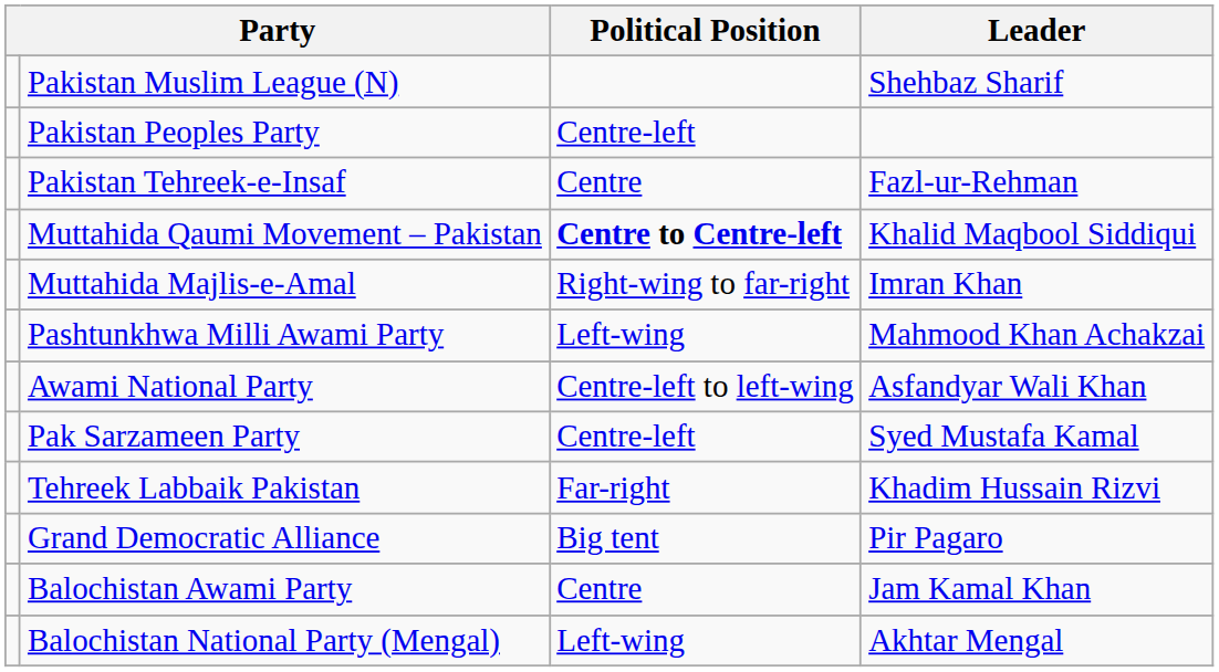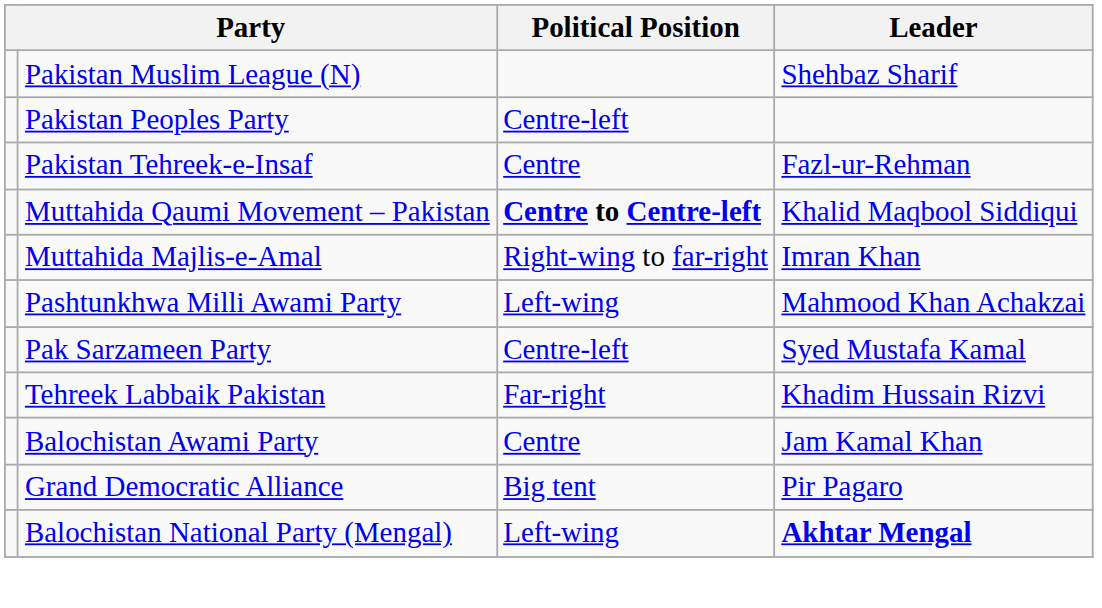 <table class=wikitable style=text-align:left>
 <tr>
 <th colspan=2>Party</th>
 <th>Political Position</th>
 <th>Leader</th>
 </tr>
 <tr>
 <td style="color:inherit;background:"></td>
 <td><a href='#'>Pakistan Muslim League (N)</a></td>
 <td></td>
 <td><a href='#'>Shehbaz Sharif</a></td>
 </tr>
 <tr>
 <td style="color:inherit;background:"></td>
 <td><a href='#'>Pakistan Peoples Party</a></td>
 <td><a href='#'>Centre-left</a></td>
 <td></td>
 </tr>
 <tr>
 <td style="color:inherit;background:"></td>
 <td><a href='#'>Pakistan Tehreek-e-Insaf</a></td>
 <td><a href='#'>Centre</a></td>
 <td><a href='#'>Fazl-ur-Rehman</a></td>
 </tr>
 <tr>
 <td style="color:inherit;background:"></td>
 <td><a href='#'>Muttahida Qaumi Movement – Pakistan</a></td>
 <td><strong><a href='#'>Centre</a> to <a href='#'>Centre-left</a></strong></td>
 <td><a href='#'>Khalid Maqbool Siddiqui</a></td>
 </tr>
 <tr>
 <td style="color:inherit;background:"></td>
 <td><a href='#'>Muttahida Majlis-e-Amal</a></td>
 <td><a href='#'>Right-wing</a> to <a href='#'>far-right</a></td>
 <td><a href='#'>Imran Khan</a></td>
 </tr>
 <tr>
 <td style="color:inherit;background:"></td>
 <td><a href='#'>Pashtunkhwa Milli Awami Party</a></td>
 <td><a href='#'>Left-wing</a></td>
 <td><a href='#'>Mahmood Khan Achakzai</a></td>
 </tr>
 <tr>
 <td style="color:inherit;background:"></td>
-<td><a href='#'>Awami National Party</a></td>
-<td><a href='#'>Centre-left</a> to <a href='#'>left-wing</a></td>
-<td><a href='#'>Asfandyar Wali Khan</a></td>
-</tr>
-<tr>
-<td style="color:inherit;background:"></td>
 <td><a href='#'>Pak Sarzameen Party</a></td>
 <td><a href='#'>Centre-left</a></td>
 <td><a href='#'>Syed Mustafa Kamal</a></td>
 </tr>
 <tr>
 <td style="color:inherit;background:"></td>
 <td><a href='#'>Tehreek Labbaik Pakistan</a></td>
 <td><a href='#'>Far-right</a></td>
 <td><a href='#'>Khadim Hussain Rizvi</a></td>
 </tr>
 <tr>
 <td style="color:inherit;background:"></td>
+<td><a href='#'>Balochistan Awami Party</a></td>
+<td><a href='#'>Centre</a></td>
+<td><a href='#'>Jam Kamal Khan</a></td>
+</tr>
+<tr>
+<td style="color:inherit;background:"></td>
 <td><a href='#'>Grand Democratic Alliance</a></td>
 <td><a href='#'>Big tent</a></td>
 <td><a href='#'>Pir Pagaro</a></td>
 </tr>
 <tr>
 <td style="color:inherit;background:"></td>
-<td><a href='#'>Balochistan Awami Party</a></td>
-<td><a href='#'>Centre</a></td>
-<td><a href='#'>Jam Kamal Khan</a></td>
-</tr>
-<tr>
-<td style="color:inherit;background:"></td>
 <td><a href='#'>Balochistan National Party (Mengal)</a></td>
 <td><a href='#'>Left-wing</a></td>
-<td><a href='#'>Akhtar Mengal</a></td>
+<td><strong><a href='#'>Akhtar Mengal</a></strong></td>
 </tr>
 </table>
